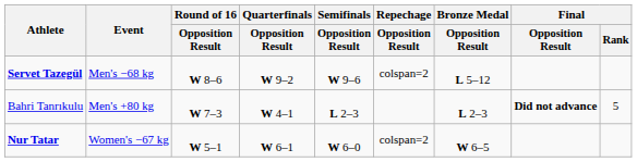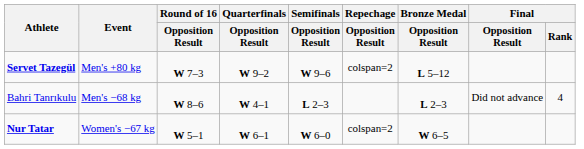 <table class="wikitable" style="font-size:90%">
 <tr>
 <th rowspan="2">Athlete</th>
 <th rowspan="2">Event</th>
 <th>Round of 16</th>
 <th>Quarterfinals</th>
 <th>Semifinals</th>
 <th>Repechage</th>
 <th>Bronze Medal</th>
 <th colspan=2>Final</th>
 </tr>
 <tr style="font-size:95%">
 <th>Opposition<br>Result</th>
 <th>Opposition<br>Result</th>
 <th>Opposition<br>Result</th>
 <th>Opposition<br>Result</th>
 <th>Opposition<br>Result</th>
 <th>Opposition<br>Result</th>
 <th>Rank</th>
 </tr>
 <tr align=center>
 <td align=left><strong><a href='#'>Servet Tazegül</a></strong></td>
-<td align=left><a href='#'>Men's −68 kg</a></td>
-<td><br><strong>W</strong> 8–6</td>
+<td align=left><a href='#'>Men's +80 kg</a></td>
+<td><br><strong>W</strong> 7–3</td>
 <td><br><strong>W</strong> 9–2</td>
 <td><br><strong>W</strong> 9–6</td>
 <td>colspan=2 </td>
 <td><br><strong>L</strong> 5–12</td>
 <td></td>
 </tr>
 <tr align=center>
 <td align=left><a href='#'>Bahri Tanrıkulu</a></td>
-<td align=left><a href='#'>Men's +80 kg</a></td>
-<td><br><strong>W</strong> 7–3</td>
+<td align=left><a href='#'>Men's −68 kg</a></td>
+<td><br><strong>W</strong> 8–6</td>
 <td><br><strong>W</strong> 4–1</td>
 <td><br><strong>L</strong> 2–3</td>
 <td></td>
 <td><br><strong>L</strong> 2–3</td>
-<td><strong>Did not advance</strong></td>
-<td>5</td>
+<td>Did not advance</td>
+<td>4</td>
 </tr>
 <tr align=center>
 <td align=left><strong><a href='#'>Nur Tatar</a></strong></td>
 <td align=left><a href='#'>Women's −67 kg</a></td>
 <td><br><strong>W</strong> 5–1</td>
 <td><br><strong>W</strong> 6–1</td>
 <td><br><strong>W</strong> 6–0</td>
 <td>colspan=2 </td>
 <td><br><strong>W</strong> 6–5</td>
 <td></td>
 </tr>
 </table>
